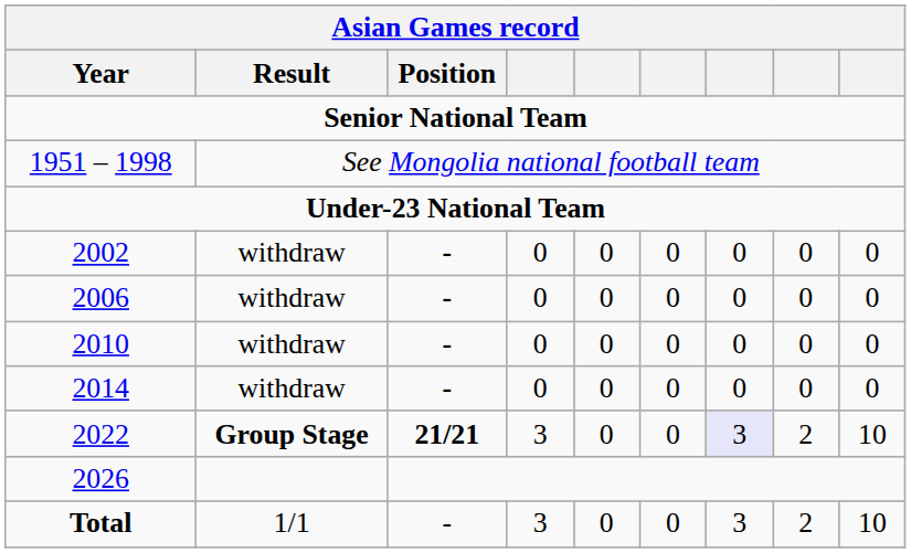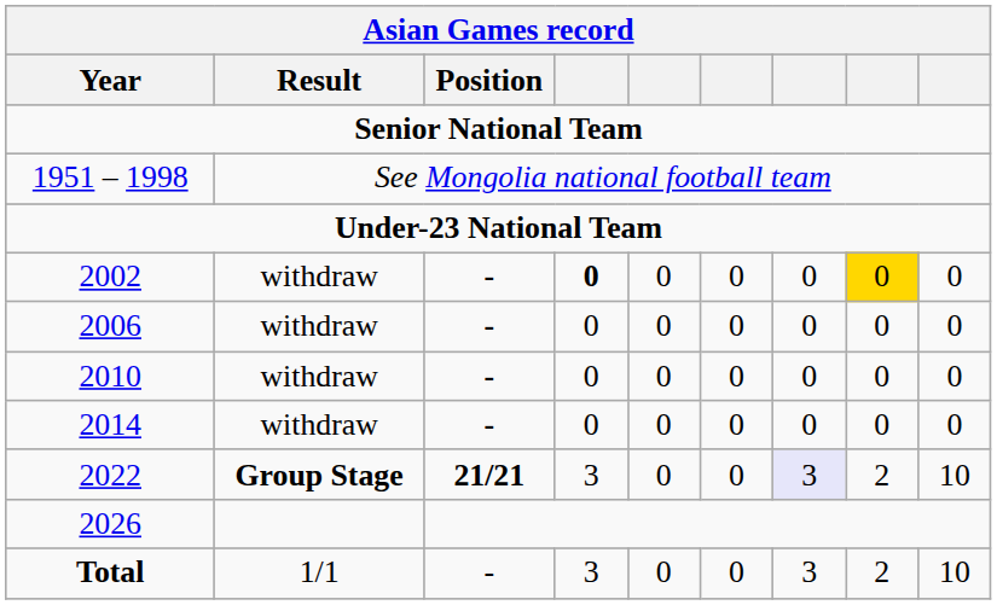 <table class="wikitable" style="text-align: center;">
 <tr>
 <th colspan=9><a href='#'>Asian Games record</a></th>
 </tr>
 <tr>
 <th style="width:100px;">Year</th>
 <th style="width:100px;">Result</th>
 <th style="width:60px;">Position</th>
 <th style="width:30px;"></th>
 <th style="width:30px;"></th>
 <th style="width:30px;"></th>
 <th style="width:30px;"></th>
 <th style="width:30px;"></th>
 <th style="width:30px;"></th>
 </tr>
 <tr>
 <td colspan=9><strong>Senior National Team</strong></td>
 </tr>
 <tr>
 <td><a href='#'>1951</a> – <a href='#'>1998</a></td>
 <td colspan=8><em>See <a href='#'>Mongolia national football team</a></em></td>
 </tr>
 <tr>
 <td colspan=9><strong>Under-23 National Team</strong></td>
 </tr>
 <tr>
 <td> <a href='#'>2002</a></td>
 <td>withdraw</td>
 <td><strong>-</strong></td>
+<td><strong>0</strong></td>
 <td>0</td>
 <td>0</td>
 <td>0</td>
-<td>0</td>
-<td>0</td>
+<td style="background: gold;">0</td>
 <td>0</td>
 </tr>
 <tr>
 <td> <a href='#'>2006</a></td>
 <td>withdraw</td>
 <td><strong>-</strong></td>
 <td>0</td>
 <td>0</td>
 <td>0</td>
 <td>0</td>
 <td>0</td>
 <td>0</td>
 </tr>
 <tr>
 <td> <a href='#'>2010</a></td>
 <td>withdraw</td>
 <td><strong>-</strong></td>
 <td>0</td>
 <td>0</td>
 <td>0</td>
 <td>0</td>
 <td>0</td>
 <td>0</td>
 </tr>
 <tr>
 <td> <a href='#'>2014</a></td>
 <td>withdraw</td>
 <td><strong>-</strong></td>
 <td>0</td>
 <td>0</td>
 <td>0</td>
 <td>0</td>
 <td>0</td>
 <td>0</td>
 </tr>
 <tr>
 <td> <a href='#'>2022</a></td>
 <td><strong>Group Stage</strong></td>
 <td><strong>21/21</strong></td>
 <td>3</td>
 <td>0</td>
 <td>0</td>
 <td style="background: lavender;">3</td>
 <td>2</td>
 <td>10</td>
 </tr>
 <tr>
 <td> <a href='#'>2026</a></td>
 <td></td>
 </tr>
 <tr>
 <td><strong>Total</strong></td>
 <td>1/1</td>
 <td>-</td>
 <td>3</td>
 <td>0</td>
 <td>0</td>
 <td>3</td>
 <td>2</td>
 <td>10</td>
 </tr>
 </table>
